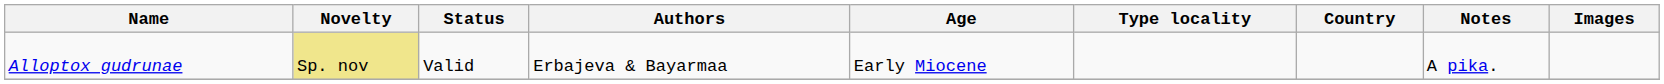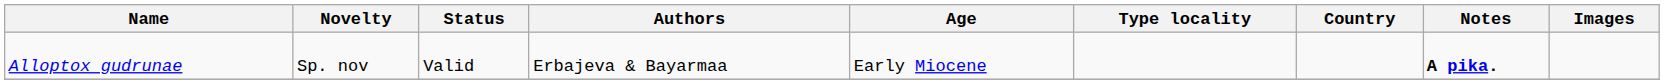 <table class="wikitable sortable" align="center" width="100%">
 <tr>
 <th>Name</th>
 <th>Novelty</th>
 <th>Status</th>
 <th>Authors</th>
 <th>Age</th>
 <th>Type locality</th>
 <th>Country</th>
 <th>Notes</th>
 <th>Images</th>
 </tr>
 <tr>
 <td><br><em><a href='#'>Alloptox gudrunae</a></em></td>
-<td style="background: khaki;"><br>Sp. nov</td>
+<td><br>Sp. nov</td>
 <td><br>Valid</td>
 <td><br>Erbajeva & Bayarmaa</td>
 <td><br>Early <a href='#'>Miocene</a></td>
 <td></td>
 <td><br></td>
-<td><br>A <a href='#'>pika</a>.</td>
+<td><strong><br>A <a href='#'>pika</a>.</strong></td>
 <td></td>
 </tr>
 <tr>
 </tr>
 </table>
